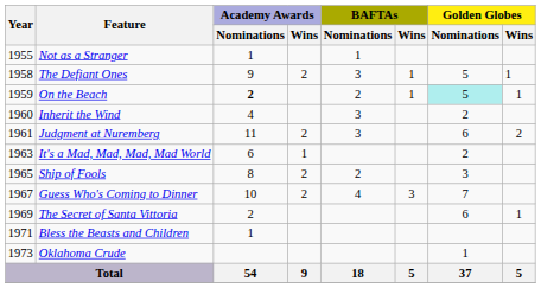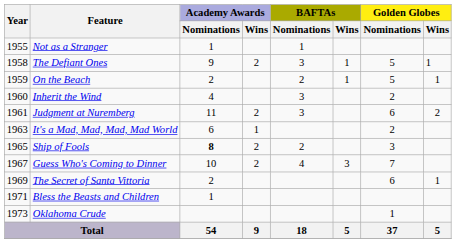 <table class="wikitable">
 <tr>
 <th rowspan="2">Year</th>
 <th rowspan="2">Feature</th>
 <th colspan="2" style="background-color:#aaaade;">Academy Awards</th>
 <th colspan="2" style="background-color:#aa0;">BAFTAs</th>
 <th colspan="2" style="background-color:#fe1;">Golden Globes</th>
 </tr>
 <tr>
 <th>Nominations</th>
 <th>Wins</th>
 <th>Nominations</th>
 <th>Wins</th>
 <th>Nominations</th>
 <th>Wins</th>
 </tr>
 <tr>
 <td>1955</td>
 <td><em><a href='#'>Not as a Stranger</a></em></td>
 <td align=center>1</td>
 <td></td>
 <td align=center>1</td>
 <td></td>
 <td></td>
 <td></td>
 </tr>
 <tr>
 <td>1958</td>
 <td><em><a href='#'>The Defiant Ones</a></em></td>
 <td align=center>9</td>
 <td align=center>2</td>
 <td align=center>3</td>
 <td align=center>1</td>
 <td align=center>5</td>
 <td algin=center>1</td>
 </tr>
 <tr>
 <td>1959</td>
 <td><a href='#'><em>On the Beach</em></a></td>
-<td align=center><strong>2</strong></td>
+<td align=center>2</td>
 <td></td>
 <td align=center>2</td>
 <td align=center>1</td>
-<td align=center style="background: paleturquoise;">5</td>
+<td align=center>5</td>
 <td align=center>1</td>
 </tr>
 <tr>
 <td>1960</td>
 <td><a href='#'><em>Inherit the Wind</em></a></td>
 <td align=center>4</td>
 <td></td>
 <td align=center>3</td>
 <td></td>
 <td align=center>2</td>
 <td></td>
 </tr>
 <tr>
 <td>1961</td>
 <td><em><a href='#'>Judgment at Nuremberg</a></em></td>
 <td align=center>11</td>
 <td align=center>2</td>
 <td align=center>3</td>
 <td></td>
 <td align=center>6</td>
 <td align=center>2</td>
 </tr>
 <tr>
 <td>1963</td>
 <td><em><a href='#'>It's a Mad, Mad, Mad, Mad World</a></em></td>
 <td align=center>6</td>
 <td align=center>1</td>
 <td></td>
 <td></td>
 <td align=center>2</td>
 <td></td>
 </tr>
 <tr>
 <td>1965</td>
 <td><a href='#'><em>Ship of Fools</em></a></td>
-<td align=center>8</td>
+<td align=center><strong>8</strong></td>
 <td align=center>2</td>
 <td align=center>2</td>
 <td></td>
 <td align=center>3</td>
 <td></td>
 </tr>
 <tr>
 <td>1967</td>
 <td><em><a href='#'>Guess Who's Coming to Dinner</a></em></td>
 <td align=center>10</td>
 <td align=center>2</td>
 <td align=center>4</td>
 <td align=center>3</td>
 <td align=center>7</td>
 <td></td>
 </tr>
 <tr>
 <td>1969</td>
 <td><em><a href='#'>The Secret of Santa Vittoria</a></em></td>
 <td align=center>2</td>
 <td></td>
 <td></td>
 <td></td>
 <td align=center>6</td>
 <td align=center>1</td>
 </tr>
 <tr>
 <td>1971</td>
 <td><a href='#'><em>Bless the Beasts and Children</em></a></td>
 <td align=center>1</td>
 <td></td>
 <td></td>
 <td></td>
 <td></td>
 <td></td>
 </tr>
 <tr>
 <td>1973</td>
 <td><a href='#'><em>Oklahoma Crude</em></a></td>
 <td></td>
 <td></td>
 <td></td>
 <td></td>
 <td align=center>1</td>
 <td></td>
 </tr>
 <tr>
 <th colspan="2" style="background-color:#bcb5cb">Total</th>
 <th>54</th>
 <th>9</th>
 <th>18</th>
 <th>5</th>
 <th>37</th>
 <th>5</th>
 </tr>
 <tr>
 </tr>
 </table>
